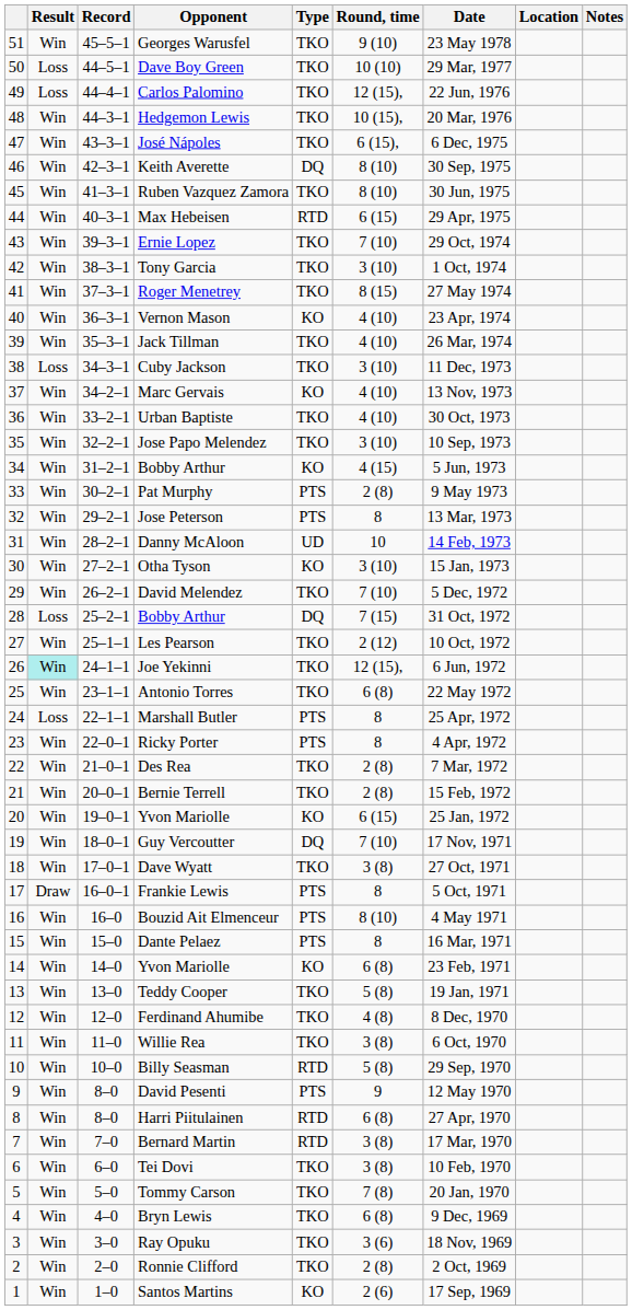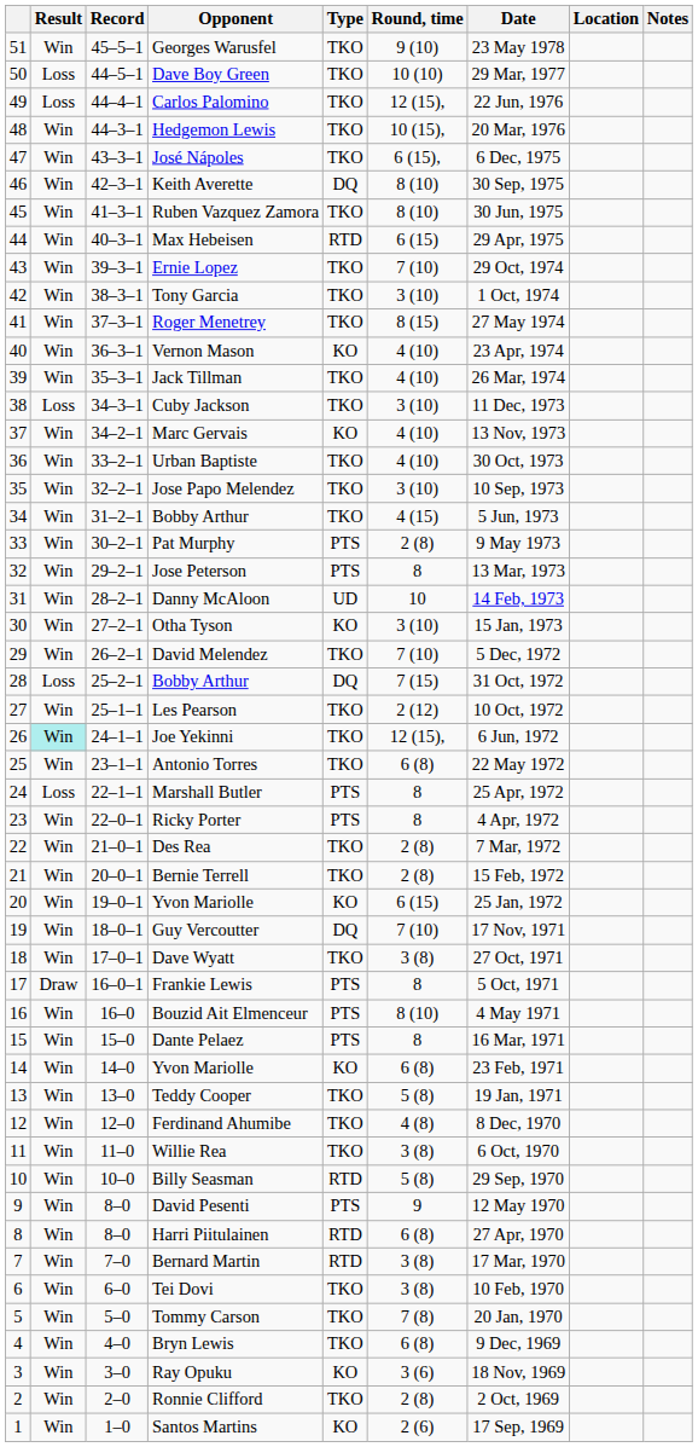 <table class="wikitable" style="text-align:center">
 <tr>
 <th></th>
 <th>Result</th>
 <th>Record</th>
 <th>Opponent</th>
 <th>Type</th>
 <th>Round, time</th>
 <th>Date</th>
 <th>Location</th>
 <th>Notes</th>
 </tr>
 <tr>
 <td>51</td>
 <td>Win</td>
 <td>45–5–1</td>
 <td align=left>Georges Warusfel</td>
 <td>TKO</td>
 <td>9 (10)</td>
 <td>23 May 1978</td>
 <td align=left></td>
 <td align=left></td>
 </tr>
 <tr>
 <td>50</td>
 <td>Loss</td>
 <td>44–5–1</td>
 <td align=left><a href='#'>Dave Boy Green</a></td>
 <td>TKO</td>
 <td>10 (10)</td>
 <td>29 Mar, 1977</td>
 <td align=left></td>
 <td align=left></td>
 </tr>
 <tr>
 <td>49</td>
 <td>Loss</td>
 <td>44–4–1</td>
 <td align=left><a href='#'>Carlos Palomino</a></td>
 <td>TKO</td>
 <td>12 (15), </td>
 <td>22 Jun, 1976</td>
 <td align=left></td>
 <td align=left></td>
 </tr>
 <tr>
 <td>48</td>
 <td>Win</td>
 <td>44–3–1</td>
 <td align=left><a href='#'>Hedgemon Lewis</a></td>
 <td>TKO</td>
 <td>10 (15), </td>
 <td>20 Mar, 1976</td>
 <td align=left></td>
 <td align=left></td>
 </tr>
 <tr>
 <td>47</td>
 <td>Win</td>
 <td>43–3–1</td>
 <td align=left><a href='#'>José Nápoles</a></td>
 <td>TKO</td>
 <td>6 (15), </td>
 <td>6 Dec, 1975</td>
 <td align=left></td>
 <td align=left></td>
 </tr>
 <tr>
 <td>46</td>
 <td>Win</td>
 <td>42–3–1</td>
 <td align=left>Keith Averette</td>
 <td>DQ</td>
 <td>8 (10)</td>
 <td>30 Sep, 1975</td>
 <td align=left></td>
 <td align=left></td>
 </tr>
 <tr>
 <td>45</td>
 <td>Win</td>
 <td>41–3–1</td>
 <td align=left>Ruben Vazquez Zamora</td>
 <td>TKO</td>
 <td>8 (10)</td>
 <td>30 Jun, 1975</td>
 <td align=left></td>
 <td align=left></td>
 </tr>
 <tr>
 <td>44</td>
 <td>Win</td>
 <td>40–3–1</td>
 <td align=left>Max Hebeisen</td>
 <td>RTD</td>
 <td>6 (15)</td>
 <td>29 Apr, 1975</td>
 <td align=left></td>
 <td align=left></td>
 </tr>
 <tr>
 <td>43</td>
 <td>Win</td>
 <td>39–3–1</td>
 <td align=left><a href='#'>Ernie Lopez</a></td>
 <td>TKO</td>
 <td>7 (10)</td>
 <td>29 Oct, 1974</td>
 <td align=left></td>
 <td align=left></td>
 </tr>
 <tr>
 <td>42</td>
 <td>Win</td>
 <td>38–3–1</td>
 <td align=left>Tony Garcia</td>
 <td>TKO</td>
 <td>3 (10)</td>
 <td>1 Oct, 1974</td>
 <td align=left></td>
 <td align=left></td>
 </tr>
 <tr>
 <td>41</td>
 <td>Win</td>
 <td>37–3–1</td>
 <td align=left><a href='#'>Roger Menetrey</a></td>
 <td>TKO</td>
 <td>8 (15)</td>
 <td>27 May 1974</td>
 <td align=left></td>
 <td align=left></td>
 </tr>
 <tr>
 <td>40</td>
 <td>Win</td>
 <td>36–3–1</td>
 <td align=left>Vernon Mason</td>
 <td>KO</td>
 <td>4 (10)</td>
 <td>23 Apr, 1974</td>
 <td align=left></td>
 <td align=left></td>
 </tr>
 <tr>
 <td>39</td>
 <td>Win</td>
 <td>35–3–1</td>
 <td align=left>Jack Tillman</td>
 <td>TKO</td>
 <td>4 (10)</td>
 <td>26 Mar, 1974</td>
 <td align=left></td>
 <td align=left></td>
 </tr>
 <tr>
 <td>38</td>
 <td>Loss</td>
 <td>34–3–1</td>
 <td align=left>Cuby Jackson</td>
 <td>TKO</td>
 <td>3 (10)</td>
 <td>11 Dec, 1973</td>
 <td align=left></td>
 <td align=left></td>
 </tr>
 <tr>
 <td>37</td>
 <td>Win</td>
 <td>34–2–1</td>
 <td align=left>Marc Gervais</td>
 <td>KO</td>
 <td>4 (10)</td>
 <td>13 Nov, 1973</td>
 <td align=left></td>
 <td align=left></td>
 </tr>
 <tr>
 <td>36</td>
 <td>Win</td>
 <td>33–2–1</td>
 <td align=left>Urban Baptiste</td>
 <td>TKO</td>
 <td>4 (10)</td>
 <td>30 Oct, 1973</td>
 <td align=left></td>
 <td align=left></td>
 </tr>
 <tr>
 <td>35</td>
 <td>Win</td>
 <td>32–2–1</td>
 <td align=left>Jose Papo Melendez</td>
 <td>TKO</td>
 <td>3 (10)</td>
 <td>10 Sep, 1973</td>
 <td align=left></td>
 <td align=left></td>
 </tr>
 <tr>
 <td>34</td>
 <td>Win</td>
 <td>31–2–1</td>
 <td align=left>Bobby Arthur</td>
-<td>KO</td>
+<td>TKO</td>
 <td>4 (15)</td>
 <td>5 Jun, 1973</td>
 <td align=left></td>
 <td align=left></td>
 </tr>
 <tr>
 <td>33</td>
 <td>Win</td>
 <td>30–2–1</td>
 <td align=left>Pat Murphy</td>
 <td>PTS</td>
 <td>2 (8)</td>
 <td>9 May 1973</td>
 <td align=left></td>
 <td align=left></td>
 </tr>
 <tr>
 <td>32</td>
 <td>Win</td>
 <td>29–2–1</td>
 <td align=left>Jose Peterson</td>
 <td>PTS</td>
 <td>8</td>
 <td>13 Mar, 1973</td>
 <td align=left></td>
 <td align=left></td>
 </tr>
 <tr>
 <td>31</td>
 <td>Win</td>
 <td>28–2–1</td>
 <td align=left>Danny McAloon</td>
 <td>UD</td>
 <td>10</td>
 <td><a href='#'>14 Feb, 1973</a></td>
 <td align=left></td>
 <td align=left></td>
 </tr>
 <tr>
 <td>30</td>
 <td>Win</td>
 <td>27–2–1</td>
 <td align=left>Otha Tyson</td>
 <td>KO</td>
 <td>3 (10)</td>
 <td>15 Jan, 1973</td>
 <td align=left></td>
 <td align=left></td>
 </tr>
 <tr>
 <td>29</td>
 <td>Win</td>
 <td>26–2–1</td>
 <td align=left>David Melendez</td>
 <td>TKO</td>
 <td>7 (10)</td>
 <td>5 Dec, 1972</td>
 <td align=left></td>
 <td align=left></td>
 </tr>
 <tr>
 <td>28</td>
 <td>Loss</td>
 <td>25–2–1</td>
 <td align=left><a href='#'>Bobby Arthur</a></td>
 <td>DQ</td>
 <td>7 (15)</td>
 <td>31 Oct, 1972</td>
 <td align=left></td>
 <td align=left></td>
 </tr>
 <tr>
 <td>27</td>
 <td>Win</td>
 <td>25–1–1</td>
 <td align=left>Les Pearson</td>
 <td>TKO</td>
 <td>2 (12)</td>
 <td>10 Oct, 1972</td>
 <td align=left></td>
 <td align=left></td>
 </tr>
 <tr>
 <td>26</td>
 <td style="background: paleturquoise;">Win</td>
 <td>24–1–1</td>
 <td align=left>Joe Yekinni</td>
 <td>TKO</td>
 <td>12 (15), </td>
 <td>6 Jun, 1972</td>
 <td align=left></td>
 <td align=left></td>
 </tr>
 <tr>
 <td>25</td>
 <td>Win</td>
 <td>23–1–1</td>
 <td align=left>Antonio Torres</td>
 <td>TKO</td>
 <td>6 (8)</td>
 <td>22 May 1972</td>
 <td align=left></td>
 <td align=left></td>
 </tr>
 <tr>
 <td>24</td>
 <td>Loss</td>
 <td>22–1–1</td>
 <td align=left>Marshall Butler</td>
 <td>PTS</td>
 <td>8</td>
 <td>25 Apr, 1972</td>
 <td align=left></td>
 <td align=left></td>
 </tr>
 <tr>
 <td>23</td>
 <td>Win</td>
 <td>22–0–1</td>
 <td align=left>Ricky Porter</td>
 <td>PTS</td>
 <td>8</td>
 <td>4 Apr, 1972</td>
 <td align=left></td>
 <td align=left></td>
 </tr>
 <tr>
 <td>22</td>
 <td>Win</td>
 <td>21–0–1</td>
 <td align=left>Des Rea</td>
 <td>TKO</td>
 <td>2 (8)</td>
 <td>7 Mar, 1972</td>
 <td align=left></td>
 <td align=left></td>
 </tr>
 <tr>
 <td>21</td>
 <td>Win</td>
 <td>20–0–1</td>
 <td align=left>Bernie Terrell</td>
 <td>TKO</td>
 <td>2 (8)</td>
 <td>15 Feb, 1972</td>
 <td align=left></td>
 <td align=left></td>
 </tr>
 <tr>
 <td>20</td>
 <td>Win</td>
 <td>19–0–1</td>
 <td align=left>Yvon Mariolle</td>
 <td>KO</td>
 <td>6 (15)</td>
 <td>25 Jan, 1972</td>
 <td align=left></td>
 <td align=left></td>
 </tr>
 <tr>
 <td>19</td>
 <td>Win</td>
 <td>18–0–1</td>
 <td align=left>Guy Vercoutter</td>
 <td>DQ</td>
 <td>7 (10)</td>
 <td>17 Nov, 1971</td>
 <td align=left></td>
 <td align=left></td>
 </tr>
 <tr>
 <td>18</td>
 <td>Win</td>
 <td>17–0–1</td>
 <td align=left>Dave Wyatt</td>
 <td>TKO</td>
 <td>3 (8)</td>
 <td>27 Oct, 1971</td>
 <td align=left></td>
 <td align=left></td>
 </tr>
 <tr>
 <td>17</td>
 <td>Draw</td>
 <td>16–0–1</td>
 <td align=left>Frankie Lewis</td>
 <td>PTS</td>
 <td>8</td>
 <td>5 Oct, 1971</td>
 <td align=left></td>
 <td align=left></td>
 </tr>
 <tr>
 <td>16</td>
 <td>Win</td>
 <td>16–0</td>
 <td align=left>Bouzid Ait Elmenceur</td>
 <td>PTS</td>
 <td>8 (10)</td>
 <td>4 May 1971</td>
 <td align=left></td>
 <td align=left></td>
 </tr>
 <tr>
 <td>15</td>
 <td>Win</td>
 <td>15–0</td>
 <td align=left>Dante Pelaez</td>
 <td>PTS</td>
 <td>8</td>
 <td>16 Mar, 1971</td>
 <td align=left></td>
 <td align=left></td>
 </tr>
 <tr>
 <td>14</td>
 <td>Win</td>
 <td>14–0</td>
 <td align=left>Yvon Mariolle</td>
 <td>KO</td>
 <td>6 (8)</td>
 <td>23 Feb, 1971</td>
 <td align=left></td>
 <td align=left></td>
 </tr>
 <tr>
 <td>13</td>
 <td>Win</td>
 <td>13–0</td>
 <td align=left>Teddy Cooper</td>
 <td>TKO</td>
 <td>5 (8)</td>
 <td>19 Jan, 1971</td>
 <td align=left></td>
 <td align=left></td>
 </tr>
 <tr>
 <td>12</td>
 <td>Win</td>
 <td>12–0</td>
 <td align=left>Ferdinand Ahumibe</td>
 <td>TKO</td>
 <td>4 (8)</td>
 <td>8 Dec, 1970</td>
 <td align=left></td>
 <td align=left></td>
 </tr>
 <tr>
 <td>11</td>
 <td>Win</td>
 <td>11–0</td>
 <td align=left>Willie Rea</td>
 <td>TKO</td>
 <td>3 (8)</td>
 <td>6 Oct, 1970</td>
 <td align=left></td>
 <td align=left></td>
 </tr>
 <tr>
 <td>10</td>
 <td>Win</td>
 <td>10–0</td>
 <td align=left>Billy Seasman</td>
 <td>RTD</td>
 <td>5 (8)</td>
 <td>29 Sep, 1970</td>
 <td align=left></td>
 <td align=left></td>
 </tr>
 <tr>
 <td>9</td>
 <td>Win</td>
 <td>8–0</td>
 <td align=left>David Pesenti</td>
 <td>PTS</td>
 <td>9</td>
 <td>12 May 1970</td>
 <td align=left></td>
 <td align=left></td>
 </tr>
 <tr>
 <td>8</td>
 <td>Win</td>
 <td>8–0</td>
 <td align=left>Harri Piitulainen</td>
 <td>RTD</td>
 <td>6 (8)</td>
 <td>27 Apr, 1970</td>
 <td align=left></td>
 <td align=left></td>
 </tr>
 <tr>
 <td>7</td>
 <td>Win</td>
 <td>7–0</td>
 <td align=left>Bernard Martin</td>
 <td>RTD</td>
 <td>3 (8)</td>
 <td>17 Mar, 1970</td>
 <td align=left></td>
 <td align=left></td>
 </tr>
 <tr>
 <td>6</td>
 <td>Win</td>
 <td>6–0</td>
 <td align=left>Tei Dovi</td>
 <td>TKO</td>
 <td>3 (8)</td>
 <td>10 Feb, 1970</td>
 <td align=left></td>
 <td align=left></td>
 </tr>
 <tr>
 <td>5</td>
 <td>Win</td>
 <td>5–0</td>
 <td align=left>Tommy Carson</td>
 <td>TKO</td>
 <td>7 (8)</td>
 <td>20 Jan, 1970</td>
 <td align=left></td>
 <td align=left></td>
 </tr>
 <tr>
 <td>4</td>
 <td>Win</td>
 <td>4–0</td>
 <td align=left>Bryn Lewis</td>
 <td>TKO</td>
 <td>6 (8)</td>
 <td>9 Dec, 1969</td>
 <td align=left></td>
 <td align=left></td>
 </tr>
 <tr>
 <td>3</td>
 <td>Win</td>
 <td>3–0</td>
 <td align=left>Ray Opuku</td>
-<td>TKO</td>
+<td>KO</td>
 <td>3 (6)</td>
 <td>18 Nov, 1969</td>
 <td align=left></td>
 <td align=left></td>
 </tr>
 <tr>
 <td>2</td>
 <td>Win</td>
 <td>2–0</td>
 <td align=left>Ronnie Clifford</td>
 <td>TKO</td>
 <td>2 (8)</td>
 <td>2 Oct, 1969</td>
 <td align=left></td>
 <td align=left></td>
 </tr>
 <tr>
 <td>1</td>
 <td>Win</td>
 <td>1–0</td>
 <td align=left>Santos Martins</td>
 <td>KO</td>
 <td>2 (6)</td>
 <td>17 Sep, 1969</td>
 <td align=left></td>
 <td align=left></td>
 </tr>
 </table>
